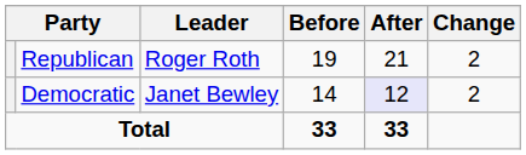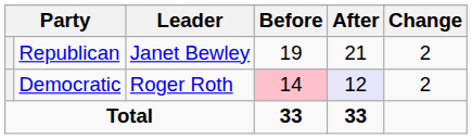 <table class="wikitable" style="text-align:center;">
 <tr>
 </tr>
 <tr>
 <th colspan=2>Party</th>
 <th>Leader</th>
 <th>Before</th>
 <th>After</th>
 <th>Change</th>
 </tr>
 <tr>
 <th style="background-color:"></th>
 <td style="text-align:left;"><a href='#'>Republican</a></td>
-<td style="text-align:left;"><a href='#'>Roger Roth</a></td>
+<td style="text-align:left;"><a href='#'>Janet Bewley</a></td>
 <td>19</td>
 <td>21</td>
 <td> 2</td>
 </tr>
 <tr>
 <th style="background-color:"></th>
 <td style="text-align:left;"><a href='#'>Democratic</a></td>
-<td style="text-align:left;"><a href='#'>Janet Bewley</a></td>
-<td>14</td>
+<td style="text-align:left;"><a href='#'>Roger Roth</a></td>
+<td style="background: pink;">14</td>
 <td style="background: lavender;">12</td>
 <td> 2</td>
 </tr>
 <tr>
 <td colspan=3><strong>Total</strong></td>
 <td><strong>33</strong></td>
 <td><strong>33</strong></td>
 <td></td>
 </tr>
 </table>
